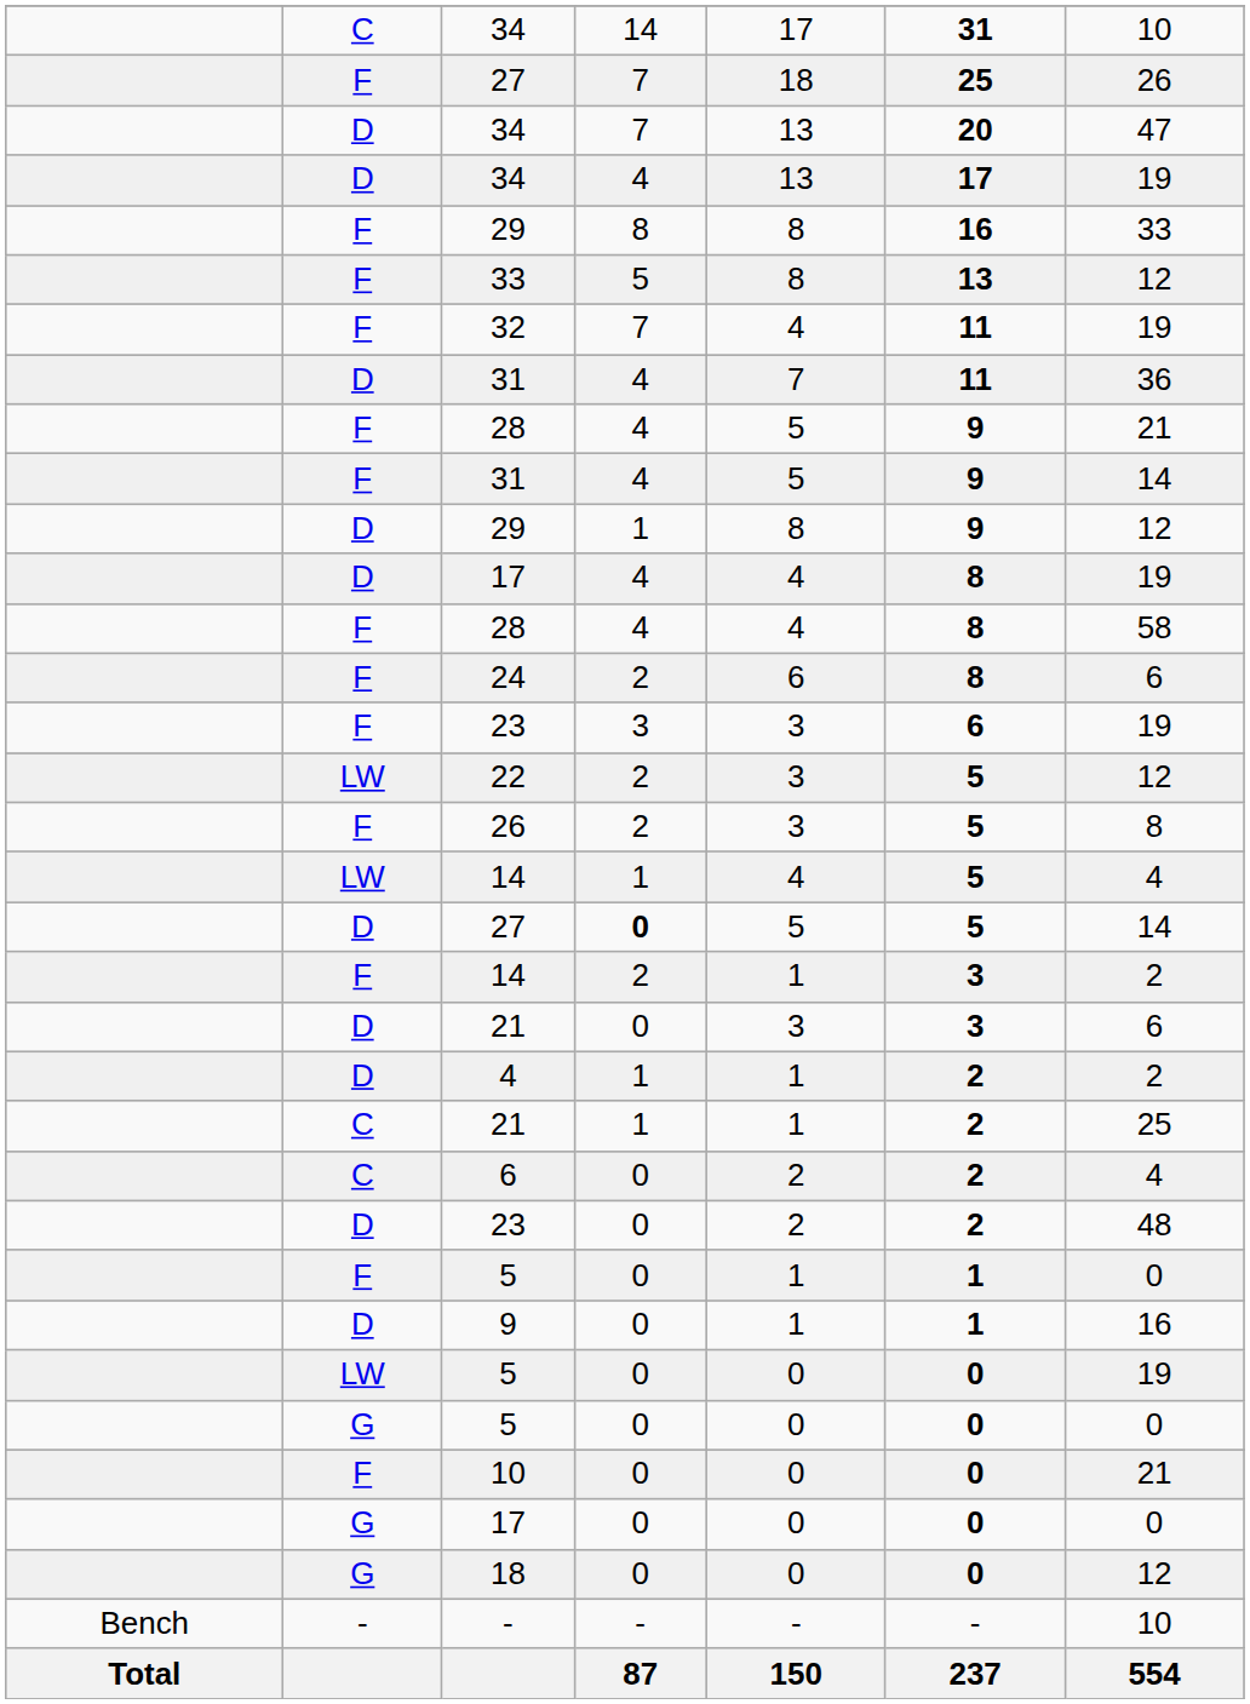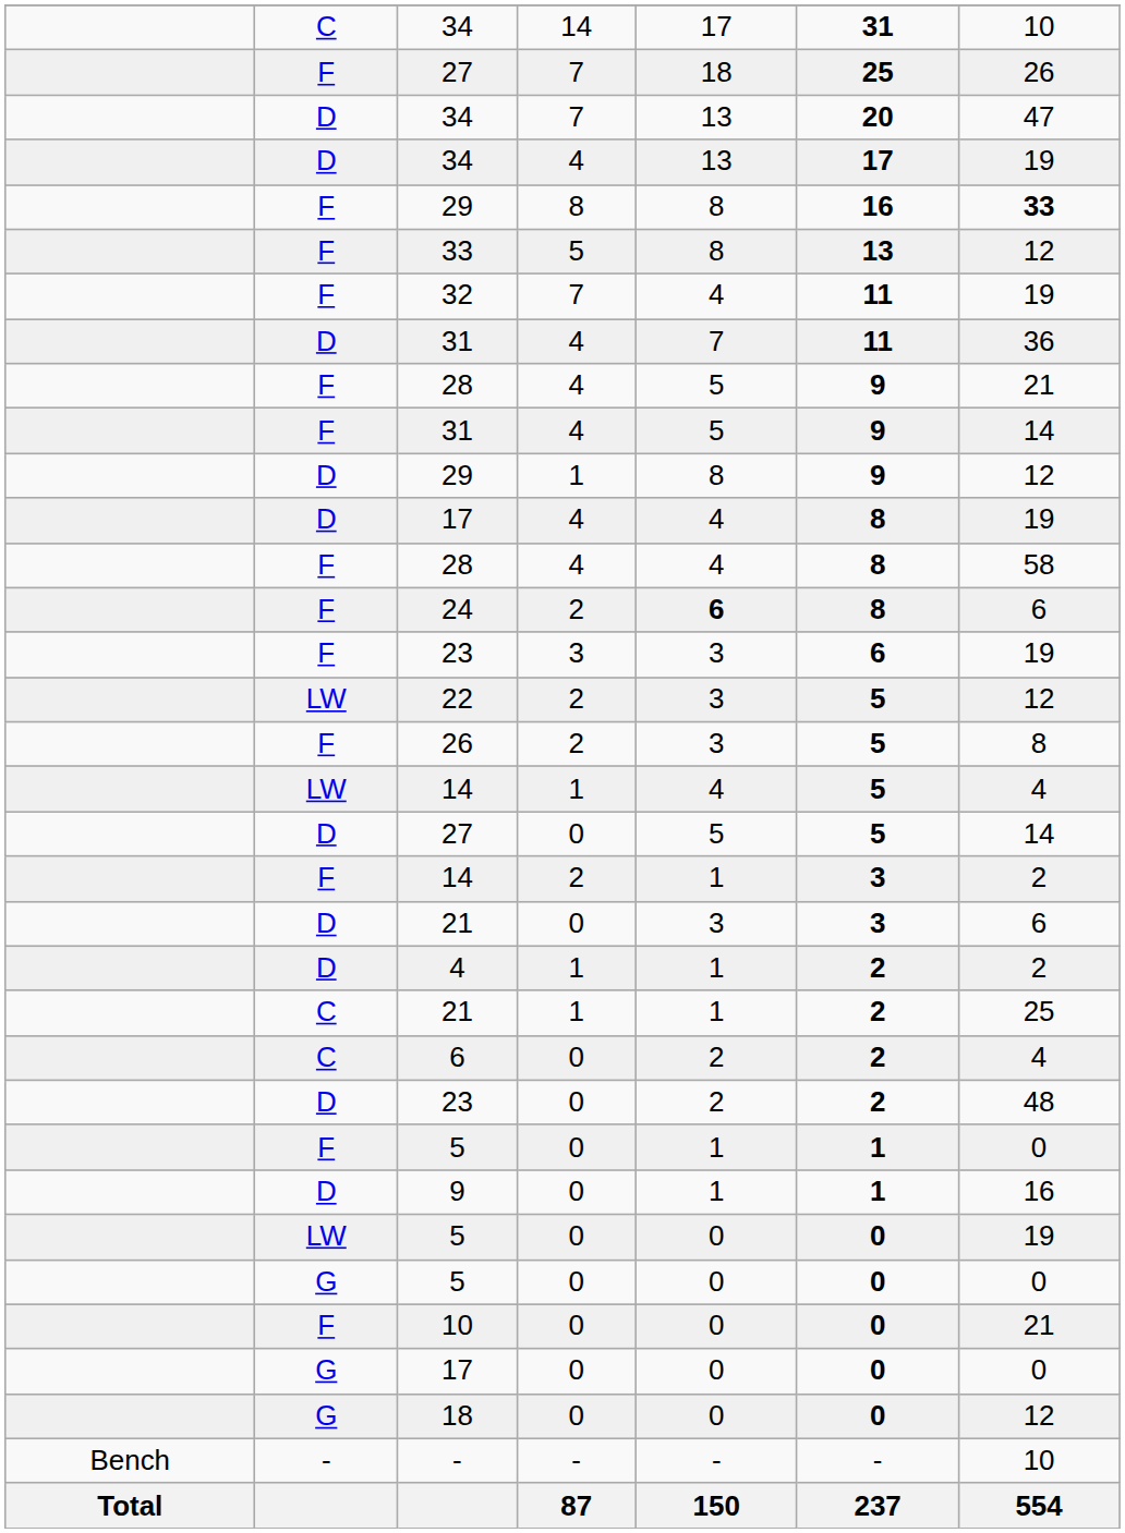 <table class="wikitable sortable" width ="50%">
 <tr align="center">
 </tr>
 <tr align="center" bgcolor="">
 <td></td>
 <td><a href='#'>C</a></td>
 <td>34</td>
 <td>14</td>
 <td>17</td>
 <td><strong>31</strong></td>
 <td>10</td>
 </tr>
 <tr align="center" bgcolor="f0f0f0">
 <td></td>
 <td><a href='#'>F</a></td>
 <td>27</td>
 <td>7</td>
 <td>18</td>
 <td><strong>25</strong></td>
 <td>26</td>
 </tr>
 <tr align="center" bgcolor="">
 <td></td>
 <td><a href='#'>D</a></td>
 <td>34</td>
 <td>7</td>
 <td>13</td>
 <td><strong>20</strong></td>
 <td>47</td>
 </tr>
 <tr align="center" bgcolor="f0f0f0">
 <td></td>
 <td><a href='#'>D</a></td>
 <td>34</td>
 <td>4</td>
 <td>13</td>
 <td><strong>17</strong></td>
 <td>19</td>
 </tr>
 <tr align="center" bgcolor="">
 <td></td>
 <td><a href='#'>F</a></td>
 <td>29</td>
 <td>8</td>
 <td>8</td>
 <td><strong>16</strong></td>
-<td>33</td>
+<td><strong>33</strong></td>
 </tr>
 <tr align="center" bgcolor="f0f0f0">
 <td></td>
 <td><a href='#'>F</a></td>
 <td>33</td>
 <td>5</td>
 <td>8</td>
 <td><strong>13</strong></td>
 <td>12</td>
 </tr>
 <tr align="center" bgcolor="">
 <td></td>
 <td><a href='#'>F</a></td>
 <td>32</td>
 <td>7</td>
 <td>4</td>
 <td><strong>11</strong></td>
 <td>19</td>
 </tr>
 <tr align="center" bgcolor="f0f0f0">
 <td></td>
 <td><a href='#'>D</a></td>
 <td>31</td>
 <td>4</td>
 <td>7</td>
 <td><strong>11</strong></td>
 <td>36</td>
 </tr>
 <tr align="center" bgcolor="">
 <td></td>
 <td><a href='#'>F</a></td>
 <td>28</td>
 <td>4</td>
 <td>5</td>
 <td><strong>9</strong></td>
 <td>21</td>
 </tr>
 <tr align="center" bgcolor="f0f0f0">
 <td></td>
 <td><a href='#'>F</a></td>
 <td>31</td>
 <td>4</td>
 <td>5</td>
 <td><strong>9</strong></td>
 <td>14</td>
 </tr>
 <tr align="center" bgcolor="">
 <td></td>
 <td><a href='#'>D</a></td>
 <td>29</td>
 <td>1</td>
 <td>8</td>
 <td><strong>9</strong></td>
 <td>12</td>
 </tr>
 <tr align="center" bgcolor="f0f0f0">
 <td></td>
 <td><a href='#'>D</a></td>
 <td>17</td>
 <td>4</td>
 <td>4</td>
 <td><strong>8</strong></td>
 <td>19</td>
 </tr>
 <tr align="center" bgcolor="">
 <td></td>
 <td><a href='#'>F</a></td>
 <td>28</td>
 <td>4</td>
 <td>4</td>
 <td><strong>8</strong></td>
 <td>58</td>
 </tr>
 <tr align="center" bgcolor="f0f0f0">
 <td></td>
 <td><a href='#'>F</a></td>
 <td>24</td>
 <td>2</td>
-<td>6</td>
+<td><strong>6</strong></td>
 <td><strong>8</strong></td>
 <td>6</td>
 </tr>
 <tr align="center" bgcolor="">
 <td></td>
 <td><a href='#'>F</a></td>
 <td>23</td>
 <td>3</td>
 <td>3</td>
 <td><strong>6</strong></td>
 <td>19</td>
 </tr>
 <tr align="center" bgcolor="f0f0f0">
 <td></td>
 <td><a href='#'>LW</a></td>
 <td>22</td>
 <td>2</td>
 <td>3</td>
 <td><strong>5</strong></td>
 <td>12</td>
 </tr>
 <tr align="center" bgcolor="">
 <td></td>
 <td><a href='#'>F</a></td>
 <td>26</td>
 <td>2</td>
 <td>3</td>
 <td><strong>5</strong></td>
 <td>8</td>
 </tr>
 <tr align="center" bgcolor="f0f0f0">
 <td></td>
 <td><a href='#'>LW</a></td>
 <td>14</td>
 <td>1</td>
 <td>4</td>
 <td><strong>5</strong></td>
 <td>4</td>
 </tr>
 <tr align="center" bgcolor="">
 <td></td>
 <td><a href='#'>D</a></td>
 <td>27</td>
-<td><strong>0</strong></td>
+<td>0</td>
 <td>5</td>
 <td><strong>5</strong></td>
 <td>14</td>
 </tr>
 <tr align="center" bgcolor="f0f0f0">
 <td></td>
 <td><a href='#'>F</a></td>
 <td>14</td>
 <td>2</td>
 <td>1</td>
 <td><strong>3</strong></td>
 <td>2</td>
 </tr>
 <tr align="center" bgcolor="">
 <td></td>
 <td><a href='#'>D</a></td>
 <td>21</td>
 <td>0</td>
 <td>3</td>
 <td><strong>3</strong></td>
 <td>6</td>
 </tr>
 <tr align="center" bgcolor="f0f0f0">
 <td></td>
 <td><a href='#'>D</a></td>
 <td>4</td>
 <td>1</td>
 <td>1</td>
 <td><strong>2</strong></td>
 <td>2</td>
 </tr>
 <tr align="center" bgcolor="">
 <td></td>
 <td><a href='#'>C</a></td>
 <td>21</td>
 <td>1</td>
 <td>1</td>
 <td><strong>2</strong></td>
 <td>25</td>
 </tr>
 <tr align="center" bgcolor="f0f0f0">
 <td></td>
 <td><a href='#'>C</a></td>
 <td>6</td>
 <td>0</td>
 <td>2</td>
 <td><strong>2</strong></td>
 <td>4</td>
 </tr>
 <tr align="center" bgcolor="">
 <td></td>
 <td><a href='#'>D</a></td>
 <td>23</td>
 <td>0</td>
 <td>2</td>
 <td><strong>2</strong></td>
 <td>48</td>
 </tr>
 <tr align="center" bgcolor="f0f0f0">
 <td></td>
 <td><a href='#'>F</a></td>
 <td>5</td>
 <td>0</td>
 <td>1</td>
 <td><strong>1</strong></td>
 <td>0</td>
 </tr>
 <tr align="center" bgcolor="">
 <td></td>
 <td><a href='#'>D</a></td>
 <td>9</td>
 <td>0</td>
 <td>1</td>
 <td><strong>1</strong></td>
 <td>16</td>
 </tr>
 <tr align="center" bgcolor="f0f0f0">
 <td></td>
 <td><a href='#'>LW</a></td>
 <td>5</td>
 <td>0</td>
 <td>0</td>
 <td><strong>0</strong></td>
 <td>19</td>
 </tr>
 <tr align="center" bgcolor="">
 <td></td>
 <td><a href='#'>G</a></td>
 <td>5</td>
 <td>0</td>
 <td>0</td>
 <td><strong>0</strong></td>
 <td>0</td>
 </tr>
 <tr align="center" bgcolor="f0f0f0">
 <td></td>
 <td><a href='#'>F</a></td>
 <td>10</td>
 <td>0</td>
 <td>0</td>
 <td><strong>0</strong></td>
 <td>21</td>
 </tr>
 <tr align="center" bgcolor="">
 <td></td>
 <td><a href='#'>G</a></td>
 <td>17</td>
 <td>0</td>
 <td>0</td>
 <td><strong>0</strong></td>
 <td>0</td>
 </tr>
 <tr align="center" bgcolor="f0f0f0">
 <td></td>
 <td><a href='#'>G</a></td>
 <td>18</td>
 <td>0</td>
 <td>0</td>
 <td><strong>0</strong></td>
 <td>12</td>
 </tr>
 <tr align="center" bgcolor="">
 <td>Bench</td>
 <td>-</td>
 <td>-</td>
 <td>-</td>
 <td>-</td>
 <td>-</td>
 <td>10</td>
 </tr>
 <tr>
 <th>Total</th>
 <th></th>
 <th></th>
 <th>87</th>
 <th>150</th>
 <th>237</th>
 <th>554</th>
 </tr>
 </table>
